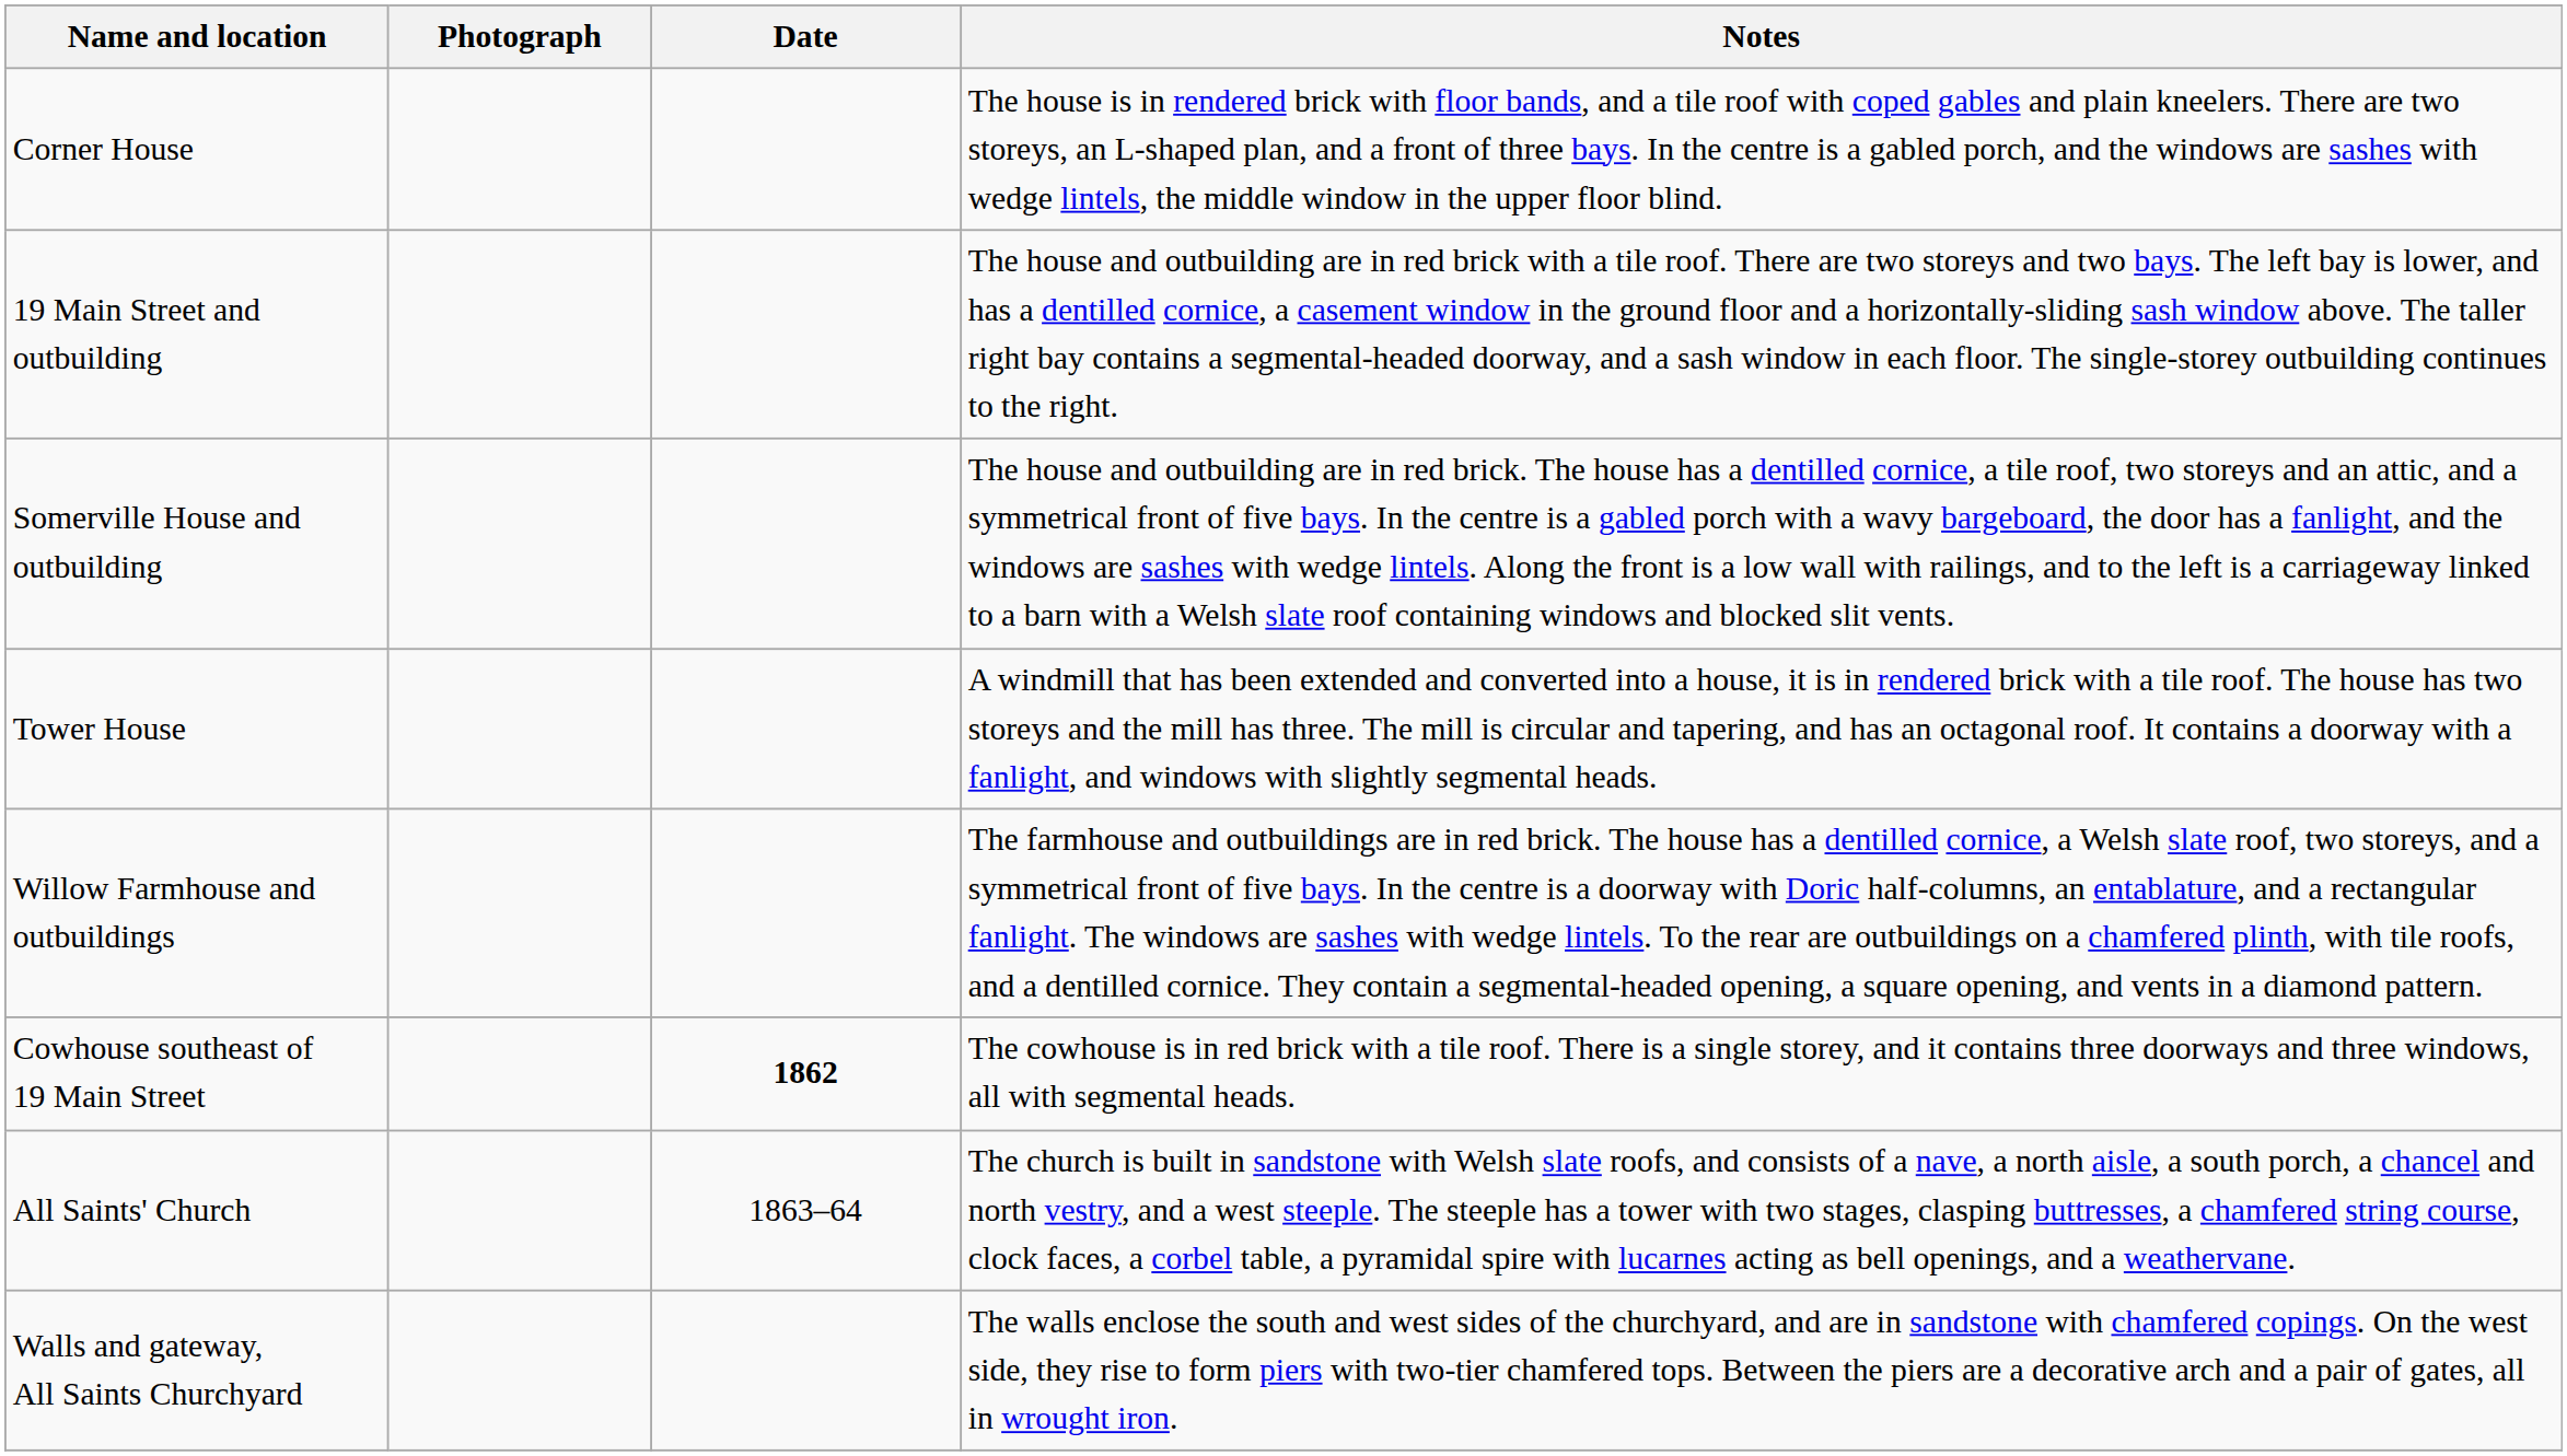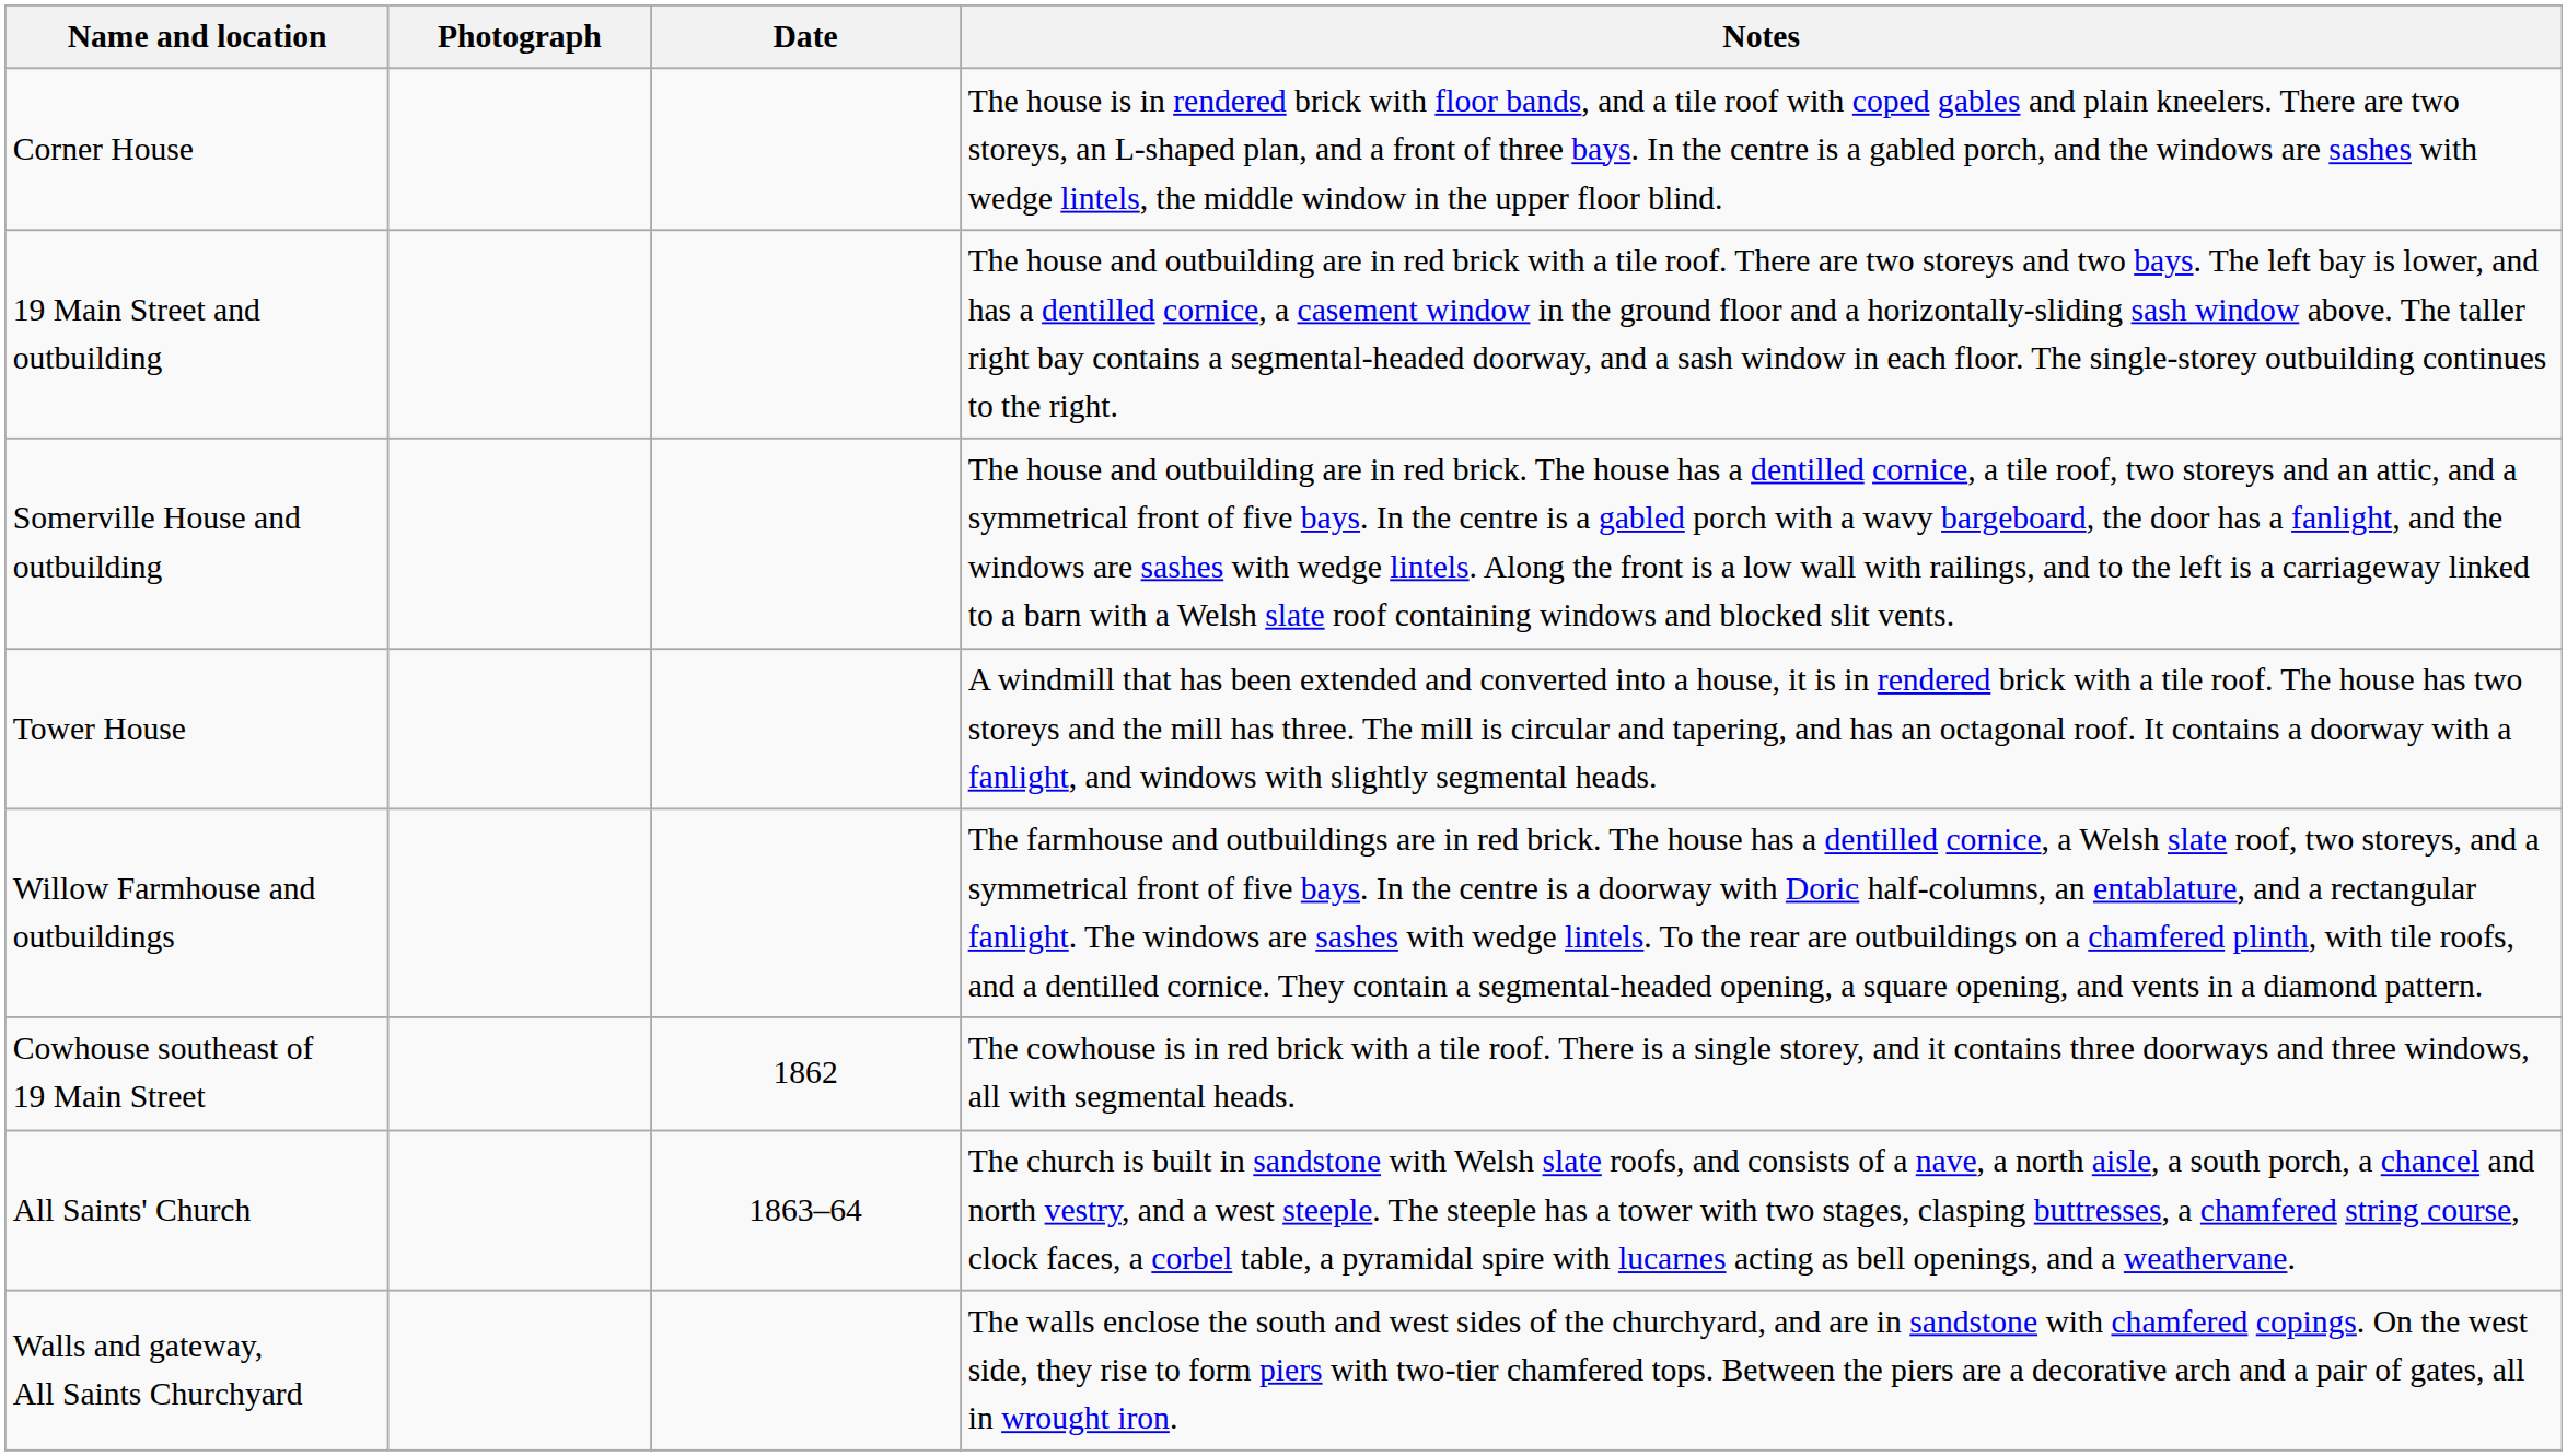 <table class="wikitable sortable plainrowheaders" style="width:100%;border:0px;text-align:left;line-height:150%;">
 <tr>
 <th scope="col"  style="width:150px">Name and location</th>
 <th scope="col"  style="width:100px" class="unsortable">Photograph</th>
 <th scope="col"  style="width:120px">Date</th>
 <th scope="col"  style="width:650px" class="unsortable">Notes</th>
 </tr>
 <tr>
 <td>Corner House<br><small></small></td>
 <td></td>
 <td align="center"></td>
 <td>The house is in <a href='#'>rendered</a> brick with <a href='#'>floor bands</a>, and a tile roof with <a href='#'>coped</a> <a href='#'>gables</a> and plain kneelers.  There are two storeys, an L-shaped plan, and a front of three <a href='#'>bays</a>.  In the centre is a gabled porch, and the windows are <a href='#'>sashes</a> with wedge <a href='#'>lintels</a>, the middle window in the upper floor blind.</td>
 </tr>
 <tr>
 <td>19 Main Street and outbuilding<br><small></small></td>
 <td></td>
 <td align="center"></td>
 <td>The house and outbuilding are in red brick with a tile roof.  There are two storeys and two <a href='#'>bays</a>.  The left bay is lower, and has a <a href='#'>dentilled</a> <a href='#'>cornice</a>, a <a href='#'>casement window</a> in the ground floor and a horizontally-sliding <a href='#'>sash window</a> above.  The taller right bay contains a segmental-headed doorway, and a sash window in each floor.  The single-storey outbuilding continues to the right.</td>
 </tr>
 <tr>
 <td>Somerville House and outbuilding<br><small></small></td>
 <td></td>
 <td align="center"></td>
 <td>The house and outbuilding are in red brick.  The house has a <a href='#'>dentilled</a> <a href='#'>cornice</a>, a tile roof, two storeys and an attic, and a symmetrical front of five <a href='#'>bays</a>.  In the centre is a <a href='#'>gabled</a> porch with a wavy <a href='#'>bargeboard</a>, the door has a <a href='#'>fanlight</a>, and the windows are <a href='#'>sashes</a> with wedge <a href='#'>lintels</a>.  Along the front is a low wall with railings, and to the left is a carriageway linked to a barn with a Welsh <a href='#'>slate</a> roof containing windows and blocked slit vents.</td>
 </tr>
 <tr>
 <td>Tower House<br><small></small></td>
 <td></td>
 <td align="center"></td>
 <td>A windmill that has been extended and converted into a house, it is in <a href='#'>rendered</a> brick with a tile roof.  The house has two storeys and the mill has three.  The mill is circular and tapering, and has an octagonal roof.  It contains a doorway with a <a href='#'>fanlight</a>, and windows with slightly segmental heads.</td>
 </tr>
 <tr>
 <td>Willow Farmhouse and outbuildings<br><small></small></td>
 <td></td>
 <td align="center"></td>
 <td>The farmhouse and outbuildings are in red brick.  The house has a <a href='#'>dentilled</a> <a href='#'>cornice</a>, a Welsh <a href='#'>slate</a> roof, two storeys, and a symmetrical front of five <a href='#'>bays</a>.  In the centre is a doorway with <a href='#'>Doric</a> half-columns, an <a href='#'>entablature</a>, and a rectangular <a href='#'>fanlight</a>.  The windows are <a href='#'>sashes</a> with wedge <a href='#'>lintels</a>.  To the rear are outbuildings on a <a href='#'>chamfered</a> <a href='#'>plinth</a>, with tile roofs, and a dentilled cornice.  They contain a segmental-headed opening, a square opening, and vents in a diamond pattern.</td>
 </tr>
 <tr>
 <td>Cowhouse southeast of 19 Main Street<br><small></small></td>
 <td></td>
-<td align="center"><strong>1862</strong></td>
+<td align="center">1862</td>
 <td>The cowhouse is in red brick with a tile roof.  There is a single storey, and it contains three doorways and three windows, all with segmental heads.</td>
 </tr>
 <tr>
 <td>All Saints' Church<br><small></small></td>
 <td></td>
 <td align="center">1863–64</td>
 <td>The church is built in <a href='#'>sandstone</a> with Welsh <a href='#'>slate</a> roofs, and consists of a <a href='#'>nave</a>, a north <a href='#'>aisle</a>, a south porch, a <a href='#'>chancel</a> and north <a href='#'>vestry</a>, and a west <a href='#'>steeple</a>.  The steeple has a tower with two stages, clasping <a href='#'>buttresses</a>, a <a href='#'>chamfered</a> <a href='#'>string course</a>, clock faces, a <a href='#'>corbel</a> table, a pyramidal spire with <a href='#'>lucarnes</a> acting as bell openings, and a <a href='#'>weathervane</a>.</td>
 </tr>
 <tr>
 <td>Walls and gateway,<br>All Saints Churchyard<br><small></small></td>
 <td></td>
 <td align="center"></td>
 <td>The walls enclose the south and west sides of the churchyard, and are in <a href='#'>sandstone</a> with <a href='#'>chamfered</a> <a href='#'>copings</a>.  On the west side, they rise to form <a href='#'>piers</a> with two-tier chamfered tops.  Between the piers are a decorative arch and a pair of gates, all in <a href='#'>wrought iron</a>.</td>
 </tr>
 <tr>
 </tr>
 </table>
